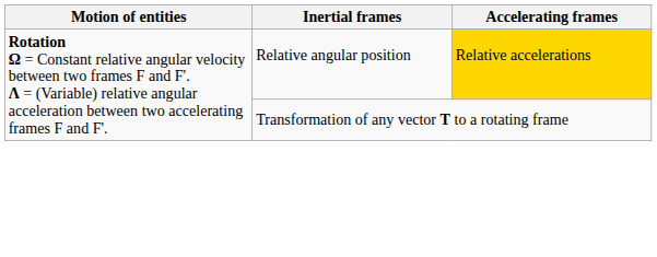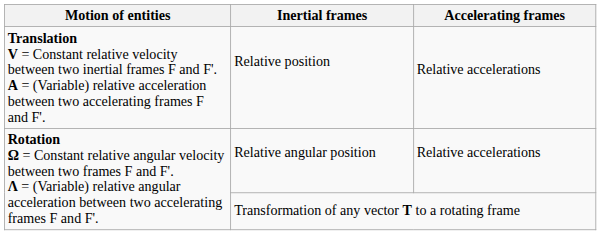 <table class="wikitable">
 <tr>
 <th scope="col" style="width:250px;">Motion of entities</th>
 <th scope="col" style="width:200px;">Inertial frames</th>
 <th scope="col" style="width:200px;">Accelerating frames</th>
 </tr>
 <tr>
+<td><strong>Translation</strong><br><strong>V</strong> = Constant relative velocity between two inertial frames F and F'.<br> <strong>A</strong> = (Variable) relative acceleration between two accelerating frames F and F'.<br></td>
+<td>Relative position<br><br><br></td>
+<td>Relative accelerations<br><br></td>
+</tr>
+<tr>
 <td rowspan="2"><strong>Rotation</strong><br><strong>Ω</strong> = Constant relative angular velocity between two frames F and F'.<br> <strong>Λ</strong> = (Variable) relative angular acceleration between two accelerating frames F and F'.</td>
 <td>Relative angular position<br><br></td>
-<td style="background: gold;">Relative accelerations<br><br></td>
+<td>Relative accelerations<br><br></td>
 </tr>
 <tr>
 <td colspan="2">Transformation of any vector <strong>T</strong> to a rotating frame<br></td>
 </tr>
 </table>
